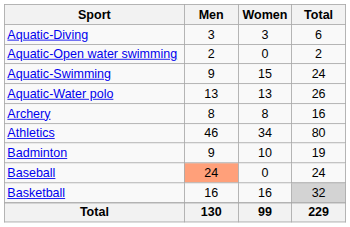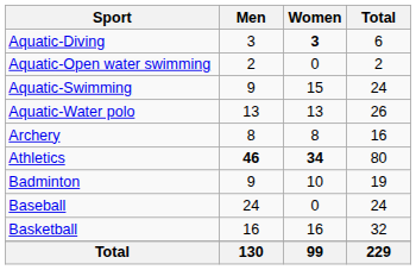 <table class="wikitable sortable" style="font-size:90%; text-align:center;">
 <tr>
 <th width=200>Sport</th>
 <th width=55>Men</th>
 <th width=55>Women</th>
 <th width=55>Total</th>
 </tr>
 <tr>
 <td style="text-align:left"><a href='#'>Aquatic-Diving</a></td>
 <td>3</td>
-<td>3</td>
+<td><strong>3</strong></td>
 <td>6</td>
 </tr>
 <tr>
 <td style="text-align:left"><a href='#'>Aquatic-Open water swimming</a></td>
 <td>2</td>
 <td>0</td>
 <td>2</td>
 </tr>
 <tr>
 <td style="text-align:left"><a href='#'>Aquatic-Swimming</a></td>
 <td>9</td>
 <td>15</td>
 <td>24</td>
 </tr>
 <tr>
 <td style="text-align:left"><a href='#'>Aquatic-Water polo</a></td>
 <td>13</td>
 <td>13</td>
 <td>26</td>
 </tr>
 <tr>
 <td style="text-align:left"><a href='#'>Archery</a></td>
 <td>8</td>
 <td>8</td>
 <td>16</td>
 </tr>
 <tr>
 <td style="text-align:left"><a href='#'>Athletics</a></td>
-<td>46</td>
-<td>34</td>
+<td><strong>46</strong></td>
+<td><strong>34</strong></td>
 <td>80</td>
 </tr>
 <tr>
 <td style="text-align:left"><a href='#'>Badminton</a></td>
 <td>9</td>
 <td>10</td>
 <td>19</td>
 </tr>
 <tr>
 <td style="text-align:left"><a href='#'>Baseball</a></td>
-<td style="background: lightsalmon;">24</td>
+<td>24</td>
 <td>0</td>
 <td>24</td>
 </tr>
 <tr>
 <td style="text-align:left"><a href='#'>Basketball</a></td>
 <td>16</td>
 <td>16</td>
-<td style="background: lightgrey;">32</td>
+<td>32</td>
 </tr>
 <tr>
 </tr>
 <tr class="sortbottom">
 <th>Total</th>
 <th>130</th>
 <th>99</th>
 <th>229</th>
 </tr>
 </table>
